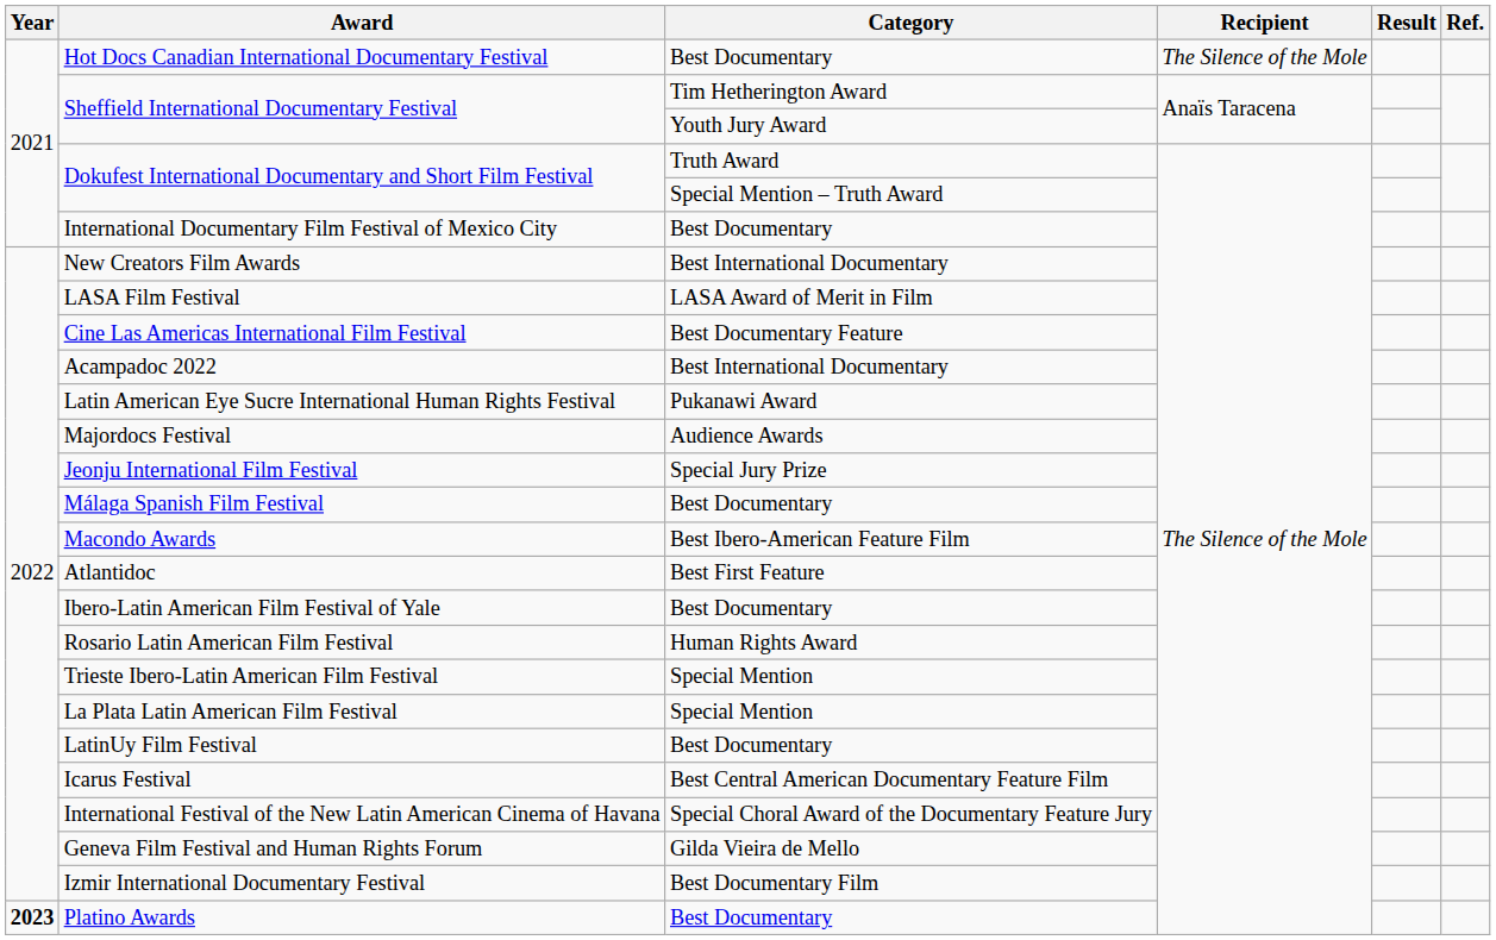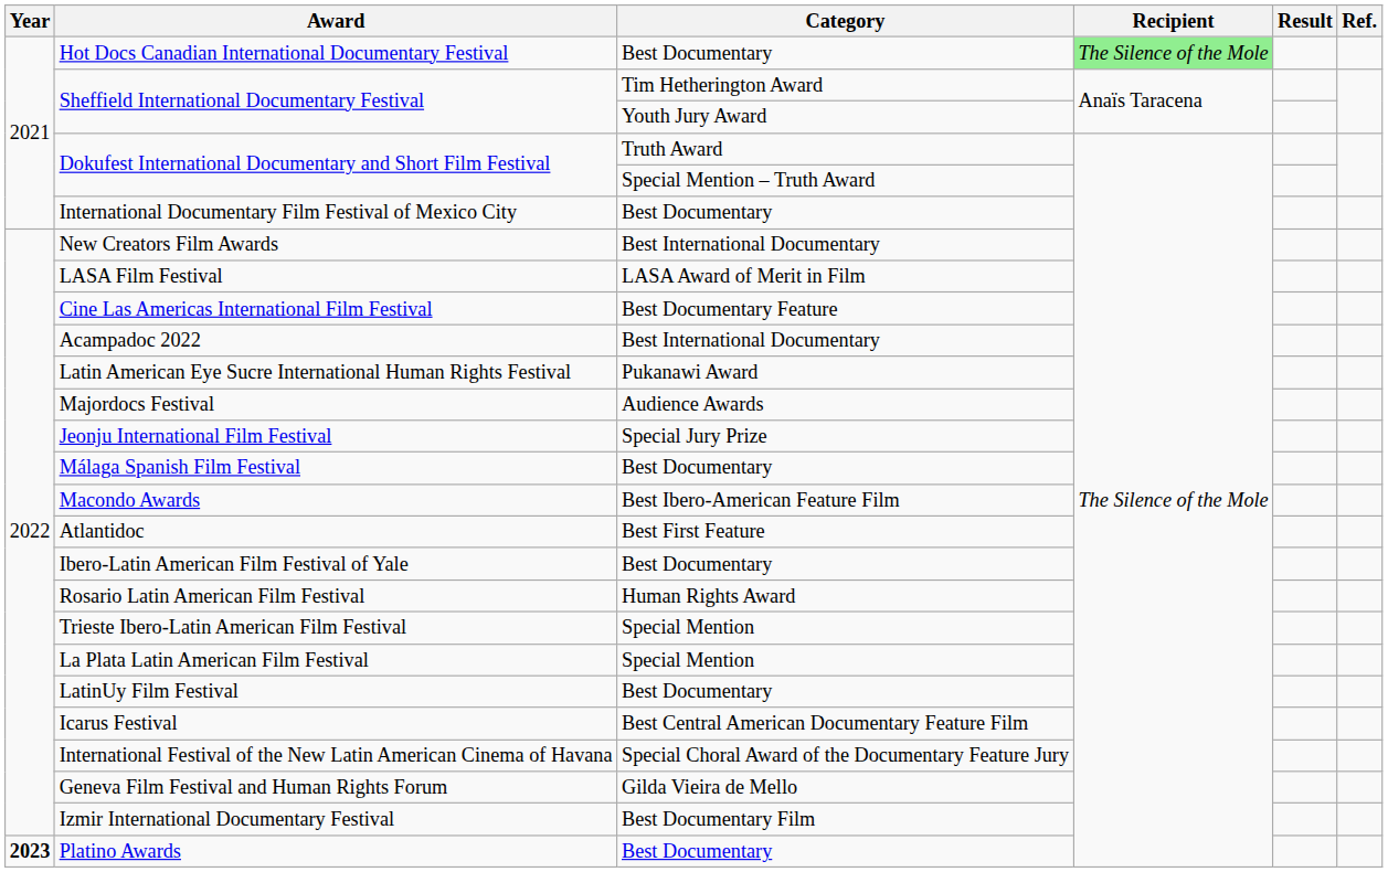 <table class="wikitable">
 <tr>
 <th>Year</th>
 <th>Award</th>
 <th>Category</th>
 <th>Recipient</th>
 <th>Result</th>
 <th>Ref.</th>
 </tr>
 <tr>
 <td rowspan="6">2021</td>
 <td><a href='#'>Hot Docs Canadian International Documentary Festival</a></td>
 <td>Best Documentary</td>
-<td><em>The Silence of the Mole</em></td>
+<td style="background: lightgreen;"><em>The Silence of the Mole</em></td>
 <td></td>
 <td></td>
 </tr>
 <tr>
 <td rowspan="2"><a href='#'>Sheffield International Documentary Festival</a></td>
 <td>Tim Hetherington Award</td>
 <td rowspan="2">Anaïs Taracena</td>
 <td></td>
 <td rowspan="2"></td>
 </tr>
 <tr>
 <td>Youth Jury Award</td>
 <td></td>
 </tr>
 <tr>
 <td rowspan="2"><a href='#'>Dokufest International Documentary and Short Film Festival</a></td>
 <td>Truth Award</td>
 <td rowspan="23"><em>The Silence of the Mole</em></td>
 <td></td>
 <td rowspan="2"></td>
 </tr>
 <tr>
 <td>Special Mention – Truth Award</td>
 <td></td>
 </tr>
 <tr>
 <td>International Documentary Film Festival of Mexico City</td>
 <td>Best Documentary</td>
 <td></td>
 <td></td>
 </tr>
 <tr>
 <td rowspan="19">2022</td>
 <td>New Creators Film Awards</td>
 <td>Best International Documentary</td>
 <td></td>
 <td></td>
 </tr>
 <tr>
 <td>LASA Film Festival</td>
 <td>LASA Award of Merit in Film</td>
 <td></td>
 <td></td>
 </tr>
 <tr>
 <td><a href='#'>Cine Las Americas International Film Festival</a></td>
 <td>Best Documentary Feature</td>
 <td></td>
 <td></td>
 </tr>
 <tr>
 <td>Acampadoc 2022</td>
 <td>Best International Documentary</td>
 <td></td>
 <td></td>
 </tr>
 <tr>
 <td>Latin American Eye Sucre International Human Rights Festival</td>
 <td>Pukanawi Award</td>
 <td></td>
 <td></td>
 </tr>
 <tr>
 <td>Majordocs Festival</td>
 <td>Audience Awards</td>
 <td></td>
 <td></td>
 </tr>
 <tr>
 <td><a href='#'>Jeonju International Film Festival</a></td>
 <td>Special Jury Prize</td>
 <td></td>
 <td></td>
 </tr>
 <tr>
 <td><a href='#'>Málaga Spanish Film Festival</a></td>
 <td>Best Documentary</td>
 <td></td>
 <td></td>
 </tr>
 <tr>
 <td><a href='#'>Macondo Awards</a></td>
 <td>Best Ibero-American Feature Film</td>
 <td></td>
 <td></td>
 </tr>
 <tr>
 <td>Atlantidoc</td>
 <td>Best First Feature</td>
 <td></td>
 <td></td>
 </tr>
 <tr>
 <td>Ibero-Latin American Film Festival of Yale</td>
 <td>Best Documentary</td>
 <td></td>
 <td></td>
 </tr>
 <tr>
 <td>Rosario Latin American Film Festival</td>
 <td>Human Rights Award</td>
 <td></td>
 <td></td>
 </tr>
 <tr>
 <td>Trieste Ibero-Latin American Film Festival</td>
 <td>Special Mention</td>
 <td></td>
 <td></td>
 </tr>
 <tr>
 <td>La Plata Latin American Film Festival</td>
 <td>Special Mention</td>
 <td></td>
 <td></td>
 </tr>
 <tr>
 <td>LatinUy Film Festival</td>
 <td>Best Documentary</td>
 <td></td>
 <td></td>
 </tr>
 <tr>
 <td>Icarus Festival</td>
 <td>Best Central American Documentary Feature Film</td>
 <td></td>
 <td></td>
 </tr>
 <tr>
 <td>International Festival of the New Latin American Cinema of Havana</td>
 <td>Special Choral Award of the Documentary Feature Jury</td>
 <td></td>
 <td></td>
 </tr>
 <tr>
 <td>Geneva Film Festival and Human Rights Forum</td>
 <td>Gilda Vieira de Mello</td>
 <td></td>
 <td></td>
 </tr>
 <tr>
 <td>Izmir International Documentary Festival</td>
 <td>Best Documentary Film</td>
 <td></td>
 <td></td>
 </tr>
 <tr>
 <td><strong>2023</strong></td>
 <td><a href='#'>Platino Awards</a></td>
 <td><a href='#'>Best Documentary</a></td>
 <td></td>
 <td></td>
 </tr>
 </table>
